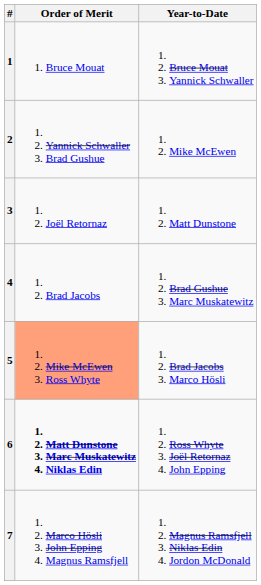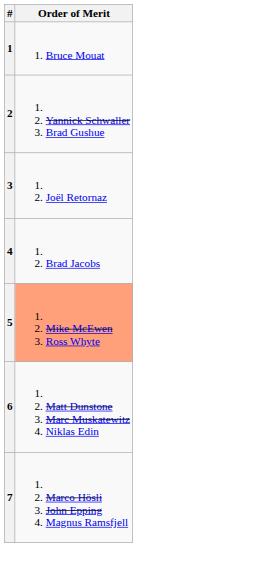 <table class=wikitable>
 <tr>
 <th>#</th>
 <th>Order of Merit</th>
-<th>Year-to-Date</th>
 </tr>
 <tr>
 <th>1</th>
 <td><br><ol><li> <a href='#'>Bruce Mouat</a></li></ol></td>
-<td><br><ol><li><li> <s><a href='#'>Bruce Mouat</a></s></li><li> <a href='#'>Yannick Schwaller</a></li></ol></td>
 </tr>
 <tr>
 <th>2</th>
 <td><br><ol><li><li> <s><a href='#'>Yannick Schwaller</a></s></li><li> <a href='#'>Brad Gushue</a></li></ol></td>
-<td><br><ol><li><li> <a href='#'>Mike McEwen</a></li></ol></td>
 </tr>
 <tr>
 <th>3</th>
 <td><br><ol><li><li> <a href='#'>Joël Retornaz</a></li></ol></td>
-<td><br><ol><li><li> <a href='#'>Matt Dunstone</a></li></ol></td>
 </tr>
 <tr>
 <th>4</th>
 <td><br><ol><li><li> <a href='#'>Brad Jacobs</a></li></ol></td>
-<td><br><ol><li><li> <s><a href='#'>Brad Gushue</a></s></li><li> <a href='#'>Marc Muskatewitz</a></li></ol></td>
 </tr>
 <tr>
 <th>5</th>
 <td style="background: lightsalmon;"><br><ol><li><li> <s><a href='#'>Mike McEwen</a></s></li><li> <a href='#'>Ross Whyte</a></li></ol></td>
-<td><br><ol><li><li> <s><a href='#'>Brad Jacobs</a></s></li><li> <a href='#'>Marco Hösli</a></li></ol></td>
 </tr>
 <tr>
 <th>6</th>
-<td><strong><br><ol><li><li> <s><a href='#'>Matt Dunstone</a></s></li><li> <s><a href='#'>Marc Muskatewitz</a></s></li><li> <a href='#'>Niklas Edin</a></li></ol></strong></td>
-<td><br><ol><li><li> <s><a href='#'>Ross Whyte</a></s></li><li> <s><a href='#'>Joël Retornaz</a></s></li><li> <a href='#'>John Epping</a></li></ol></td>
+<td><br><ol><li><li> <s><a href='#'>Matt Dunstone</a></s></li><li> <s><a href='#'>Marc Muskatewitz</a></s></li><li> <a href='#'>Niklas Edin</a></li></ol></td>
 </tr>
 <tr>
 <th>7</th>
 <td><br><ol><li><li> <s><a href='#'>Marco Hösli</a></s></li><li> <s><a href='#'>John Epping</a></s></li><li> <a href='#'>Magnus Ramsfjell</a></li></ol></td>
-<td><br><ol><li><li> <s><a href='#'>Magnus Ramsfjell</a></s></li><li> <s><a href='#'>Niklas Edin</a></s></li><li> <a href='#'>Jordon McDonald</a></li></ol></td>
 </tr>
 </table>
